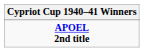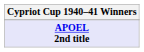 <table class="wikitable" style="text-align:center;margin: 0 auto;">
 <tr>
 <th>Cypriot Cup 1940–41 Winners</th>
 </tr>
 <tr>
 </tr>
 <tr>
-<td><strong><a href='#'>APOEL</a></strong><br><strong>2nd title</strong></td>
+<td style="background: lavender;"><strong><a href='#'>APOEL</a></strong><br><strong>2nd title</strong></td>
 </tr>
 </table>
